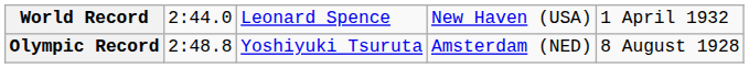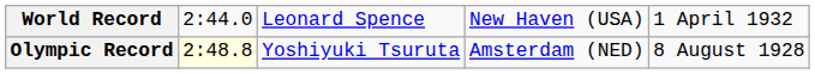 <table class="wikitable" style="font-size:95%;">
 <tr>
 <th>World Record</th>
 <td>2:44.0</td>
 <td> <a href='#'>Leonard Spence</a></td>
 <td><a href='#'>New Haven</a> (USA)</td>
 <td>1 April 1932</td>
 </tr>
 <tr>
 <th>Olympic Record</th>
-<td>2:48.8</td>
+<td style="background: lightyellow;">2:48.8</td>
 <td> <a href='#'>Yoshiyuki Tsuruta</a></td>
 <td><a href='#'>Amsterdam</a> (NED)</td>
 <td>8 August 1928</td>
 </tr>
 </table>
